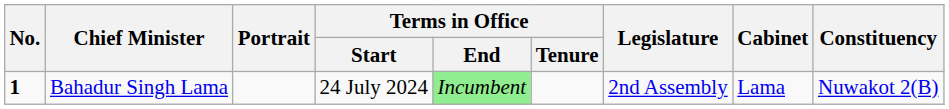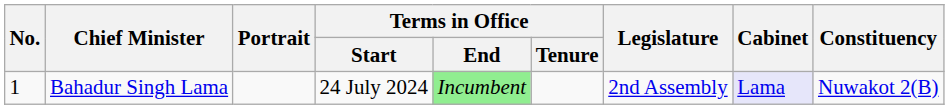 <table class="wikitable">
 <tr>
 <th rowspan="2" style="background-color:">No.</th>
 <th rowspan="2" style="background-color:">Chief Minister</th>
 <th rowspan="2" style="background-color:">Portrait</th>
 <th colspan="3" style="background-color:">Terms in Office</th>
 <th rowspan="2" style="background-color:">Legislature</th>
 <th rowspan="2" style="background-color:">Cabinet</th>
 <th rowspan="2" style="background-color:">Constituency</th>
 </tr>
 <tr>
 <th style="background-color:">Start</th>
 <th style="background-color:">End</th>
 <th style="background-color:">Tenure</th>
 </tr>
 <tr>
-<td><strong>1</strong></td>
+<td>1</td>
 <td><a href='#'>Bahadur Singh Lama</a></td>
 <td></td>
 <td>24 July 2024</td>
 <td style="background: lightgreen;"><em>Incumbent</em></td>
 <td></td>
 <td><a href='#'>2nd Assembly</a></td>
-<td><a href='#'>Lama</a></td>
+<td style="background: lavender;"><a href='#'>Lama</a></td>
 <td><a href='#'>Nuwakot 2(B)</a></td>
 </tr>
 </table>
